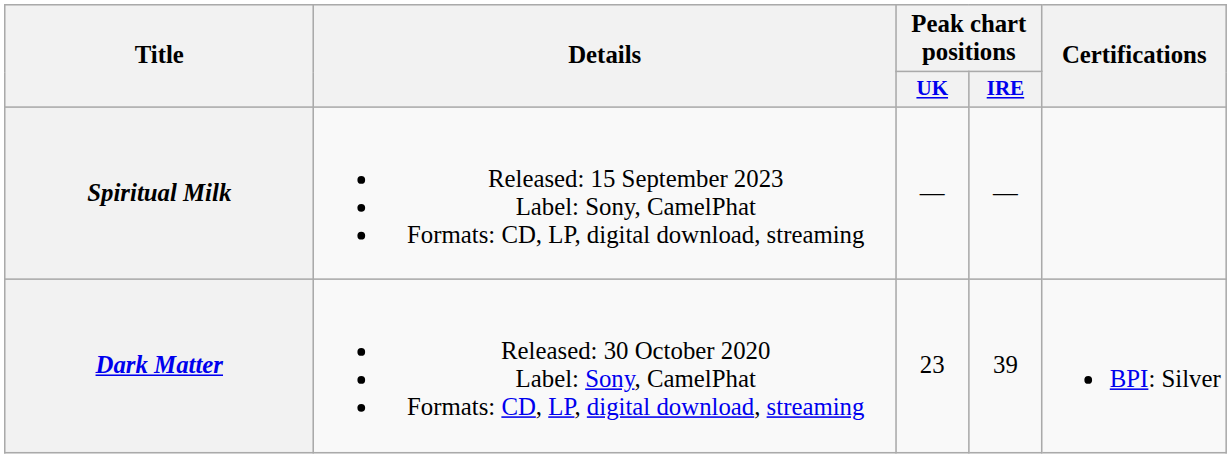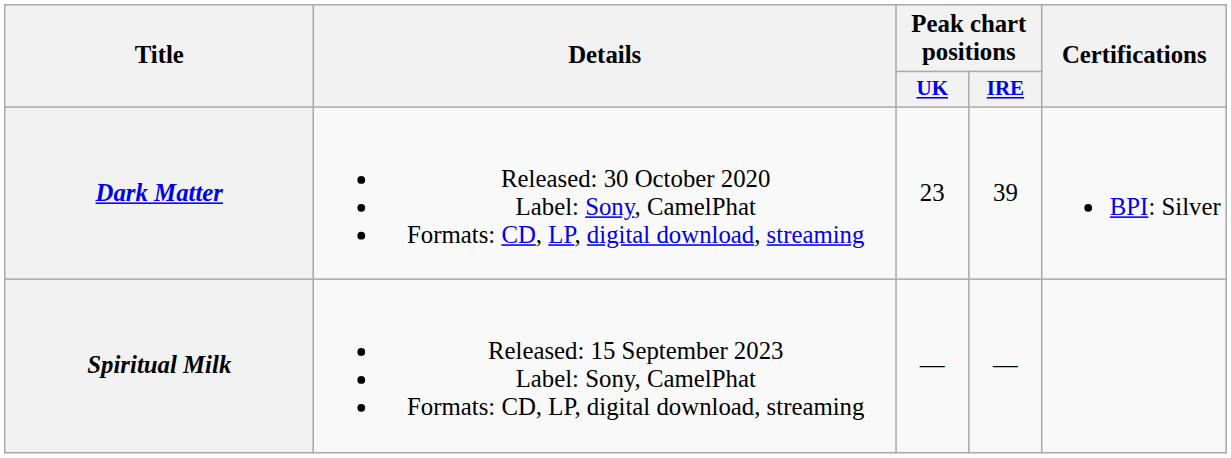 <table class="wikitable plainrowheaders" style="text-align:center;">
 <tr>
 <th scope="col" rowspan="2" style="width:12em;">Title</th>
 <th scope="col" rowspan="2" style="width:23em;">Details</th>
 <th scope="col" colspan="2">Peak chart positions</th>
 <th scope="col" rowspan="2">Certifications</th>
 </tr>
 <tr>
 <th scope="col" style="width:3em;font-size:85%;"><a href='#'>UK</a><br></th>
 <th scope="col" style="width:3em;font-size:85%;"><a href='#'>IRE</a><br></th>
 </tr>
 <tr>
+<th scope="row"><em><a href='#'>Dark Matter</a></em></th>
+<td><br><ul><li>Released: 30 October 2020</li><li>Label: <a href='#'>Sony</a>, CamelPhat</li><li>Formats: <a href='#'>CD</a>, <a href='#'>LP</a>, <a href='#'>digital download</a>, <a href='#'>streaming</a></li></ul></td>
+<td>23</td>
+<td>39</td>
+<td><br><ul><li><a href='#'>BPI</a>: Silver</li></ul></td>
+</tr>
+<tr>
 <th scope="row"><em>Spiritual Milk</em></th>
 <td><br><ul><li>Released: 15 September 2023</li><li>Label: Sony, CamelPhat</li><li>Formats: CD, LP, digital download, streaming</li></ul></td>
 <td>—</td>
 <td>—</td>
 <td></td>
 </tr>
-<tr>
-<th scope="row"><em><a href='#'>Dark Matter</a></em></th>
-<td><br><ul><li>Released: 30 October 2020</li><li>Label: <a href='#'>Sony</a>, CamelPhat</li><li>Formats: <a href='#'>CD</a>, <a href='#'>LP</a>, <a href='#'>digital download</a>, <a href='#'>streaming</a></li></ul></td>
-<td>23</td>
-<td>39</td>
-<td><br><ul><li><a href='#'>BPI</a>: Silver</li></ul></td>
-</tr>
 </table>
